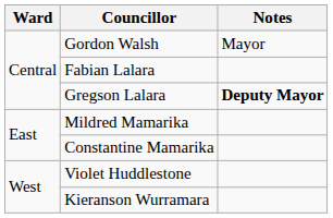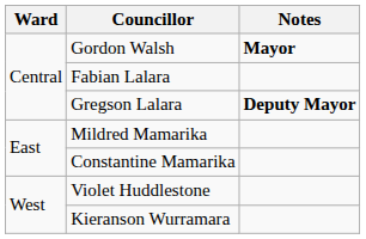 <table class="wikitable">
 <tr>
 <th>Ward</th>
 <th>Councillor</th>
 <th>Notes</th>
 </tr>
 <tr>
 <td rowspan="3">Central</td>
 <td>Gordon Walsh</td>
-<td>Mayor</td>
+<td><strong>Mayor</strong></td>
 </tr>
 <tr>
 <td>Fabian Lalara</td>
 <td></td>
 </tr>
 <tr>
 <td>Gregson Lalara</td>
 <td><strong>Deputy Mayor</strong></td>
 </tr>
 <tr>
 <td rowspan="2">East</td>
 <td>Mildred Mamarika</td>
 <td></td>
 </tr>
 <tr>
 <td>Constantine Mamarika</td>
 <td></td>
 </tr>
 <tr>
 <td rowspan="2">West</td>
 <td>Violet Huddlestone</td>
 <td></td>
 </tr>
 <tr>
 <td>Kieranson Wurramara</td>
 <td></td>
 </tr>
 </table>
